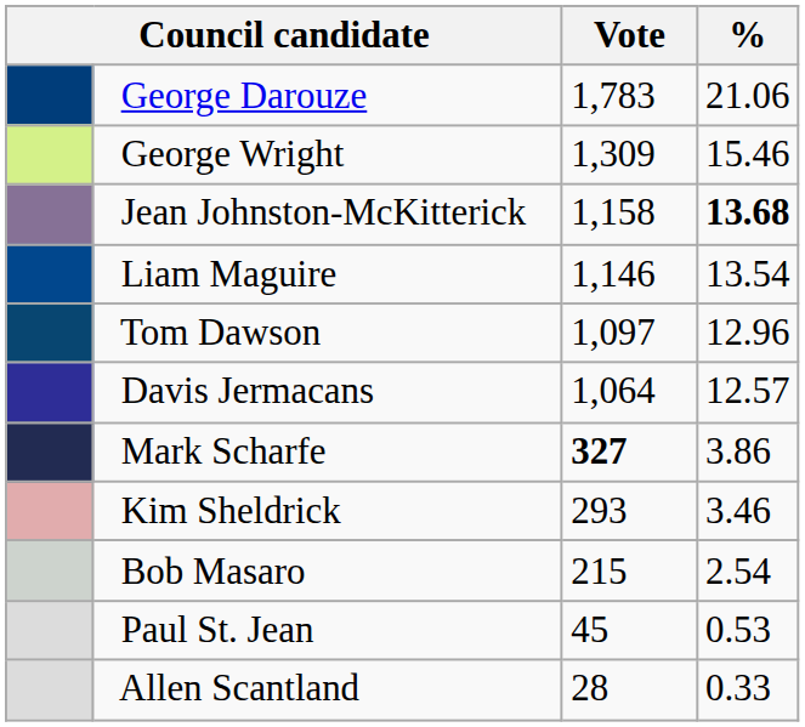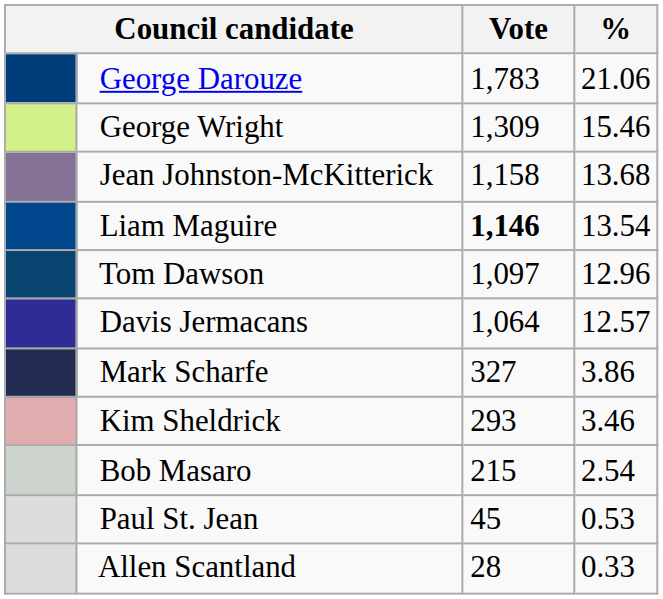 <table class="wikitable">
 <tr>
 <th width="230px" colspan="2">Council candidate</th>
 <th width="50px">Vote</th>
 <th width="30px">%</th>
 </tr>
 <tr>
 <td bgcolor=#003D7A width="30px"> </td>
 <td>  <a href='#'>George Darouze</a></td>
 <td>1,783</td>
 <td>21.06</td>
 </tr>
 <tr>
 <td bgcolor=#D4F189 width="30px"> </td>
 <td>  George Wright</td>
 <td>1,309</td>
 <td>15.46</td>
 </tr>
 <tr>
 <td bgcolor=#867196 width="30px"> </td>
 <td>  Jean Johnston-McKitterick</td>
 <td>1,158</td>
-<td><strong>13.68</strong></td>
+<td>13.68</td>
 </tr>
 <tr>
 <td bgcolor=#01478D width="30px"> </td>
 <td>  Liam Maguire</td>
-<td>1,146</td>
+<td><strong>1,146</strong></td>
 <td>13.54</td>
 </tr>
 <tr>
 <td bgcolor=#084671 width="30px"> </td>
 <td>  Tom Dawson</td>
 <td>1,097</td>
 <td>12.96</td>
 </tr>
 <tr>
 <td bgcolor=#2E2D97 width="30px"> </td>
 <td>  Davis Jermacans</td>
 <td>1,064</td>
 <td>12.57</td>
 </tr>
 <tr>
 <td bgcolor=#222B52 width="30px"> </td>
 <td>  Mark Scharfe</td>
-<td><strong>327</strong></td>
+<td>327</td>
 <td>3.86</td>
 </tr>
 <tr>
 <td bgcolor=#E1ACAD width="30px"> </td>
 <td>  Kim Sheldrick</td>
 <td>293</td>
 <td>3.46</td>
 </tr>
 <tr>
 <td bgcolor=#CDD3CD width="30px"> </td>
 <td>  Bob Masaro</td>
 <td>215</td>
 <td>2.54</td>
 </tr>
 <tr>
 <td bgcolor=#DCDCDC width="30px"> </td>
 <td>  Paul St. Jean</td>
 <td>45</td>
 <td>0.53</td>
 </tr>
 <tr>
 <td bgcolor=#DCDCDC width="30px"> </td>
 <td>  Allen Scantland</td>
 <td>28</td>
 <td>0.33</td>
 </tr>
 </table>
